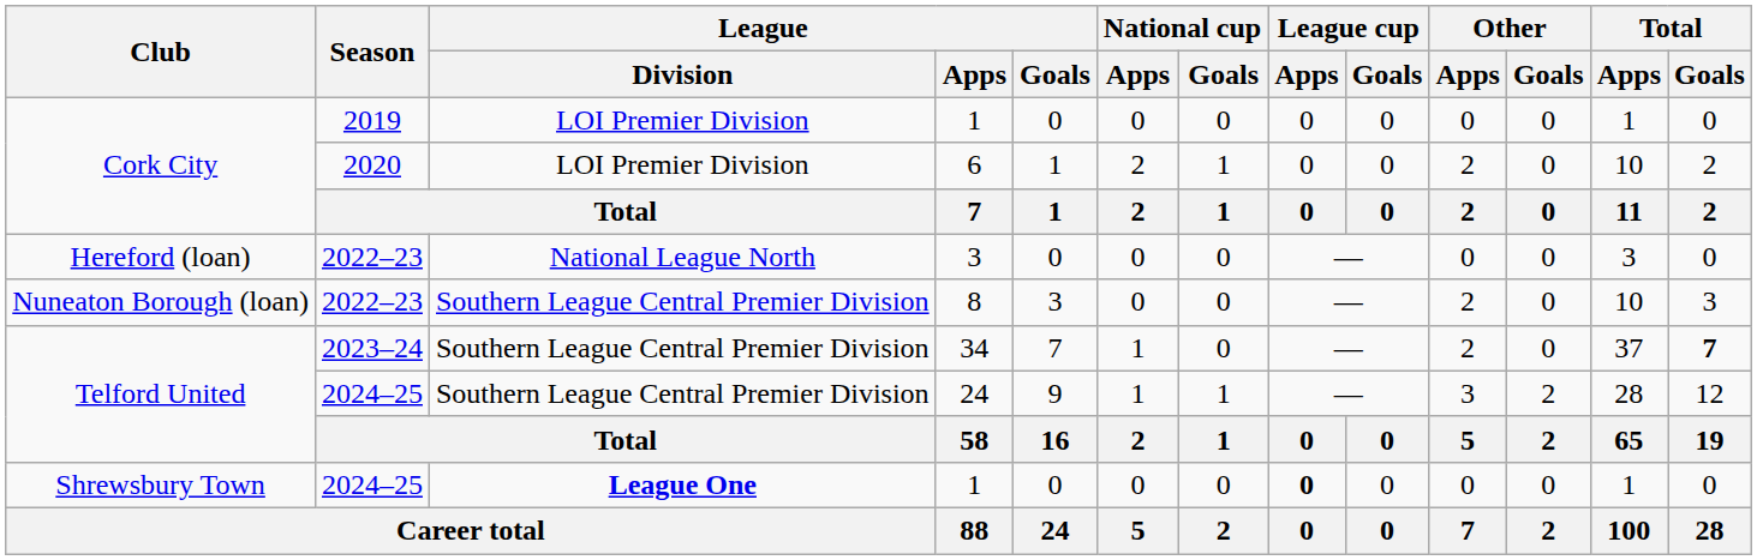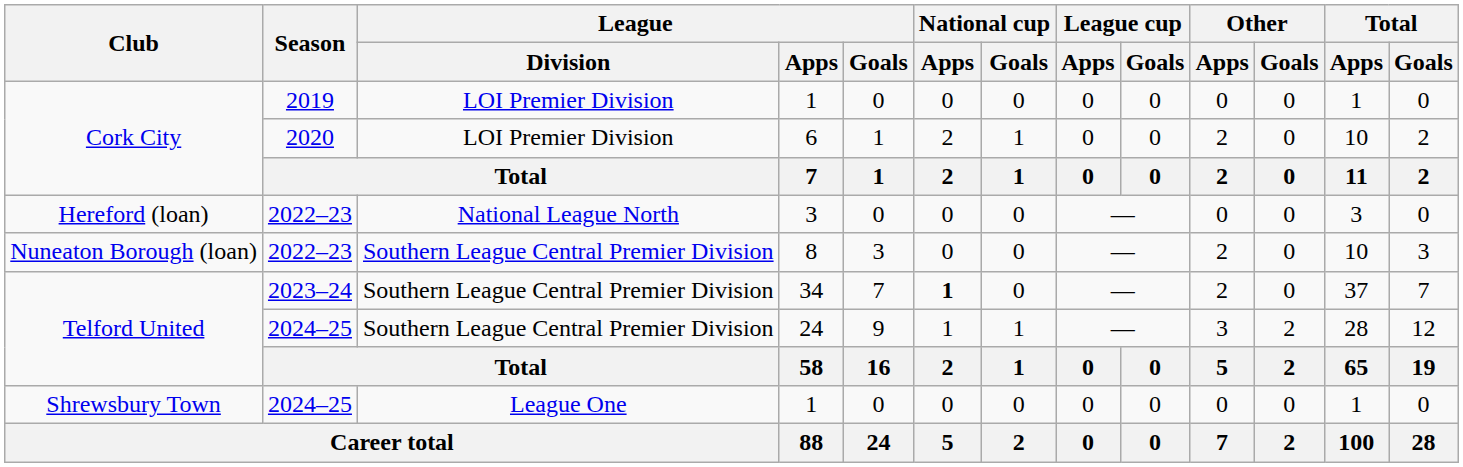 <table class=wikitable style=text-align:center>
 <tr>
 <th rowspan=2>Club</th>
 <th rowspan=2>Season</th>
 <th colspan=3>League</th>
 <th colspan=2>National cup</th>
 <th colspan=2>League cup</th>
 <th colspan=2>Other</th>
 <th colspan=2>Total</th>
 </tr>
 <tr>
 <th>Division</th>
 <th>Apps</th>
 <th>Goals</th>
 <th>Apps</th>
 <th>Goals</th>
 <th>Apps</th>
 <th>Goals</th>
 <th>Apps</th>
 <th>Goals</th>
 <th>Apps</th>
 <th>Goals</th>
 </tr>
 <tr>
 <td rowspan="3"><a href='#'>Cork City</a></td>
 <td><a href='#'>2019</a></td>
 <td><a href='#'>LOI Premier Division</a></td>
 <td>1</td>
 <td>0</td>
 <td>0</td>
 <td>0</td>
 <td>0</td>
 <td>0</td>
 <td>0</td>
 <td>0</td>
 <td>1</td>
 <td>0</td>
 </tr>
 <tr>
 <td><a href='#'>2020</a></td>
 <td>LOI Premier Division</td>
 <td>6</td>
 <td>1</td>
 <td>2</td>
 <td>1</td>
 <td>0</td>
 <td>0</td>
 <td>2</td>
 <td>0</td>
 <td>10</td>
 <td>2</td>
 </tr>
 <tr>
 <th colspan="2">Total</th>
 <th>7</th>
 <th>1</th>
 <th>2</th>
 <th>1</th>
 <th>0</th>
 <th>0</th>
 <th>2</th>
 <th>0</th>
 <th>11</th>
 <th>2</th>
 </tr>
 <tr>
 <td><a href='#'>Hereford</a> (loan)</td>
 <td><a href='#'>2022–23</a></td>
 <td><a href='#'>National League North</a></td>
 <td>3</td>
 <td>0</td>
 <td>0</td>
 <td>0</td>
 <td colspan=2>—</td>
 <td>0</td>
 <td>0</td>
 <td>3</td>
 <td>0</td>
 </tr>
 <tr>
 <td><a href='#'>Nuneaton Borough</a> (loan)</td>
 <td><a href='#'>2022–23</a></td>
 <td><a href='#'>Southern League Central Premier Division</a></td>
 <td>8</td>
 <td>3</td>
 <td>0</td>
 <td>0</td>
 <td colspan=2>—</td>
 <td>2</td>
 <td>0</td>
 <td>10</td>
 <td>3</td>
 </tr>
 <tr>
 <td rowspan="3"><a href='#'>Telford United</a></td>
 <td><a href='#'>2023–24</a></td>
 <td>Southern League Central Premier Division</td>
 <td>34</td>
 <td>7</td>
-<td>1</td>
+<td><strong>1</strong></td>
 <td>0</td>
 <td colspan=2>—</td>
 <td>2</td>
 <td>0</td>
 <td>37</td>
-<td><strong>7</strong></td>
+<td>7</td>
 </tr>
 <tr>
 <td><a href='#'>2024–25</a></td>
 <td>Southern League Central Premier Division</td>
 <td>24</td>
 <td>9</td>
 <td>1</td>
 <td>1</td>
 <td colspan=2>—</td>
 <td>3</td>
 <td>2</td>
 <td>28</td>
 <td>12</td>
 </tr>
 <tr>
 <th colspan="2">Total</th>
 <th>58</th>
 <th>16</th>
 <th>2</th>
 <th>1</th>
 <th>0</th>
 <th>0</th>
 <th>5</th>
 <th>2</th>
 <th>65</th>
 <th>19</th>
 </tr>
 <tr>
 <td><a href='#'>Shrewsbury Town</a></td>
 <td><a href='#'>2024–25</a></td>
-<td><strong><a href='#'>League One</a></strong></td>
+<td><a href='#'>League One</a></td>
 <td>1</td>
 <td>0</td>
 <td>0</td>
 <td>0</td>
-<td><strong>0</strong></td>
+<td>0</td>
 <td>0</td>
 <td>0</td>
 <td>0</td>
 <td>1</td>
 <td>0</td>
 </tr>
 <tr>
 <th colspan=3>Career total</th>
 <th>88</th>
 <th>24</th>
 <th>5</th>
 <th>2</th>
 <th>0</th>
 <th>0</th>
 <th>7</th>
 <th>2</th>
 <th>100</th>
 <th>28</th>
 </tr>
 </table>
